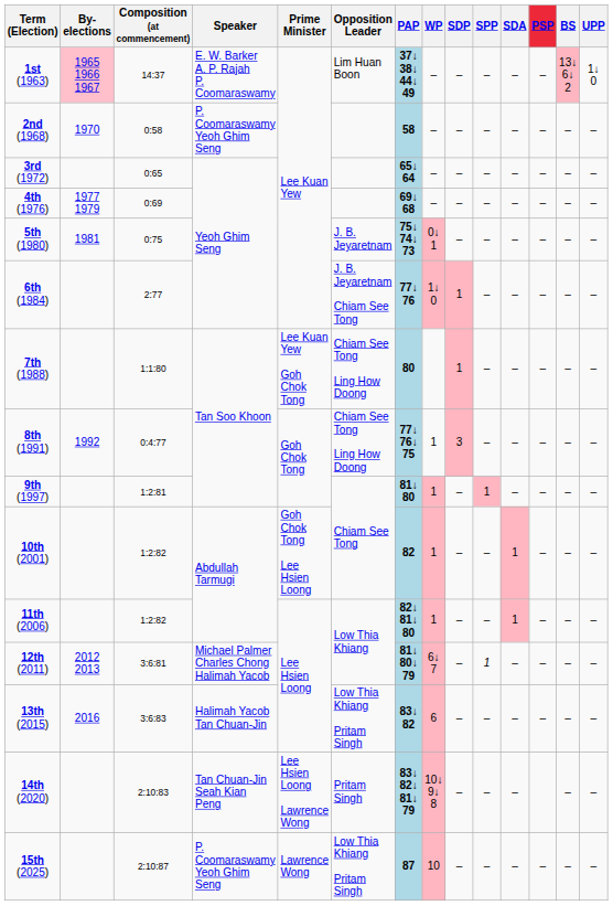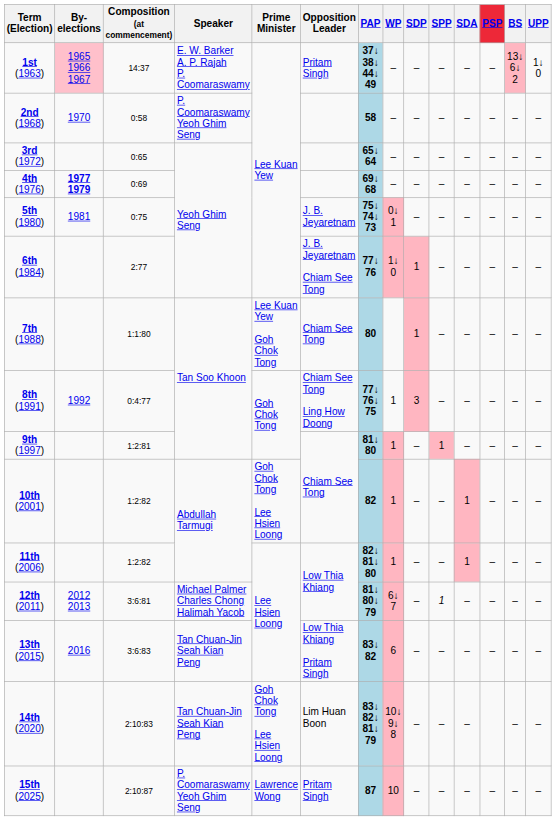 <table class="wikitable" style="font-size:100%; text-align:center">
 <tr align=center>
 <th>Term (Election)</th>
 <th>By-elections</th>
 <th>Composition<br><small>(at commencement)</small></th>
 <th>Speaker</th>
 <th>Prime Minister</th>
 <th>Opposition Leader</th>
 <th style="background:"><a href='#'><span>PAP</span></a></th>
 <th style="background:"><a href='#'><span>WP</span></a></th>
 <th style="background:"><a href='#'><span>SDP</span></a></th>
 <th style="background:"><a href='#'><span>SPP</span></a></th>
 <th style="background:"><a href='#'><span>SDA</span></a></th>
 <th style="background:#ED2838; width:30px;"><a href='#'><span>PSP</span></a></th>
 <th style="background:"><a href='#'><span>BS</span></a></th>
 <th style="background:"><a href='#'><span>UPP</span></a></th>
 </tr>
 <tr>
 <td align=center><strong><a href='#'>1st</a></strong> (<a href='#'>1963</a>)</td>
 <td style="background: pink;"><a href='#'>1965</a><br><a href='#'>1966</a><br><a href='#'>1967</a></td>
 <td><small><span>14</span>:<span>37</span></small><br></td>
 <td align=left><a href='#'>E. W. Barker</a> <br><a href='#'>A. P. Rajah</a> <br><a href='#'>P. Coomaraswamy</a> </td>
 <td rowspan="6" align="left"><a href='#'>Lee Kuan Yew</a><br></td>
-<td align=left>Lim Huan Boon<br><br></td>
+<td align=left><a href='#'>Pritam Singh</a><br></td>
 <td style="background:lightblue;"><strong>37</strong>↓<br><strong>38</strong>↓<br><strong>44</strong>↓<br><strong>49</strong></td>
 <td>–</td>
 <td>–</td>
 <td>–</td>
 <td>–</td>
 <td>–</td>
 <td style="background:lightpink;">13↓<br>6↓<br>2</td>
 <td>1↓<br>0</td>
 </tr>
 <tr>
 <td align=center><strong><a href='#'>2nd</a></strong> (<a href='#'>1968</a>)</td>
 <td><a href='#'>1970</a></td>
 <td><small><span>0</span>:<span>58</span></small><br></td>
 <td align=left><a href='#'>P. Coomaraswamy</a> <br><a href='#'>Yeoh Ghim Seng</a> </td>
 <td></td>
 <td style="background:lightblue;"><strong>58</strong></td>
 <td>–</td>
 <td>–</td>
 <td>–</td>
 <td>–</td>
 <td>–</td>
 <td>–</td>
 <td>–</td>
 </tr>
 <tr>
 <td align=center><strong><a href='#'>3rd</a></strong> (<a href='#'>1972</a>)</td>
 <td></td>
 <td><small><span>0</span>:<span>65</span></small><br></td>
 <td rowspan="4" align="left"><a href='#'>Yeoh Ghim Seng</a></td>
 <td></td>
 <td style="background:lightblue;"><strong>65</strong>↓<br><strong>64</strong></td>
 <td>–</td>
 <td>–</td>
 <td>–</td>
 <td>–</td>
 <td>–</td>
 <td>–</td>
 <td>–</td>
 </tr>
 <tr>
 <td align=center><strong><a href='#'>4th</a></strong> (<a href='#'>1976</a>)</td>
-<td><a href='#'>1977</a><br><a href='#'>1979</a></td>
+<td><strong><a href='#'>1977</a><br><a href='#'>1979</a></strong></td>
 <td><small><span>0</span>:<span>69</span></small><br></td>
 <td></td>
 <td style="background:lightblue;"><strong>69</strong>↓<br><strong>68</strong></td>
 <td>–</td>
 <td>–</td>
 <td>–</td>
 <td>–</td>
 <td>–</td>
 <td>–</td>
 <td>–</td>
 </tr>
 <tr>
 <td align=center><strong><a href='#'>5th</a></strong> (<a href='#'>1980</a>)</td>
 <td><a href='#'>1981</a></td>
 <td><small><span>0</span>:<span>75</span></small><br></td>
 <td align=left><a href='#'>J. B. Jeyaretnam</a><br></td>
 <td style="background:lightblue;"><strong>75</strong>↓<br><strong>74</strong>↓<br><strong>73</strong></td>
 <td style="background:lightpink;">0↓<br>1</td>
 <td>–</td>
 <td>–</td>
 <td>–</td>
 <td>–</td>
 <td>–</td>
 <td>–</td>
 </tr>
 <tr>
 <td align=center><strong><a href='#'>6th</a></strong> (<a href='#'>1984</a>)</td>
 <td></td>
 <td><small><span>2</span>:<span>77</span></small><br></td>
 <td align=left><a href='#'>J. B. Jeyaretnam</a> <br><br><a href='#'>Chiam See Tong</a> <br></td>
 <td style="background:lightblue;"><strong>77</strong>↓<br><strong>76</strong></td>
 <td style="background:lightpink;">1↓<br>0</td>
 <td style="background:lightpink;">1</td>
 <td>–</td>
 <td>–</td>
 <td>–</td>
 <td>–</td>
 <td>–</td>
 </tr>
 <tr>
 <td align=center><strong><a href='#'>7th</a></strong> (<a href='#'>1988</a>)</td>
 <td></td>
 <td><small><span>1</span>:<span>1</span>:<span>80</span></small><br></td>
 <td rowspan="3" align="left"><a href='#'>Tan Soo Khoon</a></td>
 <td align=left><a href='#'>Lee Kuan Yew</a> <br><br><a href='#'>Goh Chok Tong</a> <br></td>
-<td align=left><a href='#'>Chiam See Tong</a> <br><br><a href='#'>Ling How Doong</a> <br></td>
+<td align=left><a href='#'>Chiam See Tong</a><br></td>
 <td style="background:lightblue;"><strong>80</strong></td>
 <td></td>
 <td style="background:lightpink;">1</td>
 <td>–</td>
 <td>–</td>
 <td>–</td>
 <td>–</td>
 <td>–</td>
 </tr>
 <tr>
 <td align=center><strong><a href='#'>8th</a></strong> (<a href='#'>1991</a>)</td>
 <td><a href='#'>1992</a></td>
 <td><small><span>0</span>:<span>4</span>:<span>77</span></small><br></td>
 <td rowspan="2" align="left"><a href='#'>Goh Chok Tong</a><br></td>
 <td align=left><a href='#'>Chiam See Tong</a> <br><br><a href='#'>Ling How Doong</a> <br></td>
 <td style="background:lightblue;"><strong>77</strong>↓<br><strong>76</strong>↓<br><strong>75</strong></td>
 <td>1</td>
 <td style="background:lightpink;">3</td>
 <td>–</td>
 <td>–</td>
 <td>–</td>
 <td>–</td>
 <td>–</td>
 </tr>
 <tr>
 <td align=center><strong><a href='#'>9th</a></strong> (<a href='#'>1997</a>)</td>
 <td></td>
 <td><small><span>1</span>:<span>2</span>:<span>81</span></small><br></td>
 <td rowspan="2" align="left"><a href='#'>Chiam See Tong</a><br></td>
 <td style="background:lightblue;"><strong>81</strong>↓<br><strong>80</strong></td>
 <td style="background:lightpink;">1<br></td>
 <td>–</td>
 <td style="background:lightpink;">1</td>
 <td>–</td>
 <td>–</td>
 <td>–</td>
 <td>–</td>
 </tr>
 <tr>
 <td align=center><strong><a href='#'>10th</a></strong> (<a href='#'>2001</a>)</td>
 <td></td>
 <td><small><span>1</span>:<span>2</span>:<span>82</span></small><br></td>
 <td rowspan="2" align="left"><a href='#'>Abdullah Tarmugi</a></td>
 <td align=left><a href='#'>Goh Chok Tong</a> <br><br><a href='#'>Lee Hsien Loong</a> <br></td>
 <td style="background:lightblue;"><strong>82</strong></td>
 <td style="background:lightpink;">1</td>
 <td>–</td>
 <td>–</td>
 <td style="background:lightpink;">1<br></td>
 <td>–</td>
 <td>–</td>
 <td>–</td>
 </tr>
 <tr>
 <td align=center><strong><a href='#'>11th</a></strong> (<a href='#'>2006</a>)</td>
 <td></td>
 <td><small><span>1</span>:<span>2</span>:<span>82</span></small><br></td>
 <td rowspan="3" align="left"><a href='#'>Lee Hsien Loong</a><br></td>
 <td rowspan="2" align="left"><a href='#'>Low Thia Khiang</a><br></td>
 <td style="background:lightblue;"><strong>82</strong>↓<br><strong>81</strong>↓<br><strong>80</strong></td>
 <td style="background:lightpink;">1<br></td>
 <td>–</td>
 <td>–</td>
 <td style="background:lightpink;">1</td>
 <td>–</td>
 <td>–</td>
 <td>–</td>
 </tr>
 <tr>
 <td align=center><strong><a href='#'>12th</a></strong> (<a href='#'>2011</a>)</td>
 <td><a href='#'>2012</a><br><a href='#'>2013</a></td>
 <td><small><span>3</span>:<span>6</span>:<span>81</span></small><br></td>
 <td align=left><a href='#'>Michael Palmer</a> <br><a href='#'>Charles Chong</a> <br><a href='#'>Halimah Yacob</a> </td>
 <td style="background:lightblue;"><strong>81</strong>↓<br><strong>80</strong>↓<br><strong>79</strong></td>
 <td style="background:lightpink;">6↓<br>7<br></td>
 <td>–</td>
 <td><em>1 </em></td>
 <td>–</td>
 <td>–</td>
 <td>–</td>
 <td>–</td>
 </tr>
 <tr>
 <td align=center><strong><a href='#'>13th</a></strong> (<a href='#'>2015</a>)</td>
 <td><a href='#'>2016</a></td>
 <td><small><span>3</span>:<span>6</span>:<span>83</span></small><br></td>
-<td align=left><a href='#'>Halimah Yacob</a> <br><a href='#'>Tan Chuan-Jin</a> </td>
+<td align=left><a href='#'>Tan Chuan-Jin</a>  <br><a href='#'>Seah Kian Peng</a> </td>
 <td align=left><a href='#'>Low Thia Khiang</a> <br><br><a href='#'>Pritam Singh</a> <br></td>
 <td style="background:lightblue;"><strong>83</strong>↓<br><strong>82</strong></td>
 <td style="background:lightpink;">6<br></td>
 <td>–</td>
 <td>–</td>
 <td>–</td>
 <td>–</td>
 <td>–</td>
 <td>–</td>
 </tr>
 <tr>
 <td align=center><strong><a href='#'>14th</a></strong> (<a href='#'>2020</a>)</td>
 <td></td>
 <td><small><span>2</span>:<span>10</span>:<span>83</span></small><br></td>
 <td align=left><a href='#'>Tan Chuan-Jin</a>  <br><a href='#'>Seah Kian Peng</a> </td>
-<td align="left"><a href='#'>Lee Hsien Loong</a> <br><br><a href='#'>Lawrence Wong</a> <br></td>
-<td align=left><a href='#'>Pritam Singh</a><br></td>
+<td align=left><a href='#'>Goh Chok Tong</a> <br><br><a href='#'>Lee Hsien Loong</a> <br></td>
+<td align=left>Lim Huan Boon<br><br></td>
 <td style="background:lightblue;"><strong>83</strong>↓<br><strong>82</strong>↓<br><strong>81</strong>↓<br><strong>79</strong></td>
 <td style="background:lightpink;">10↓<br>9↓<br>8</td>
 <td>–</td>
 <td>–</td>
 <td>–</td>
 <td></td>
 <td>–</td>
 <td>–</td>
 </tr>
 <tr>
 <td align=center><strong><a href='#'>15th</a></strong> (<a href='#'>2025</a>)</td>
 <td></td>
 <td><small><span>2</span>:<span>10</span>:<span>87</span></small><br></td>
 <td align=left><a href='#'>P. Coomaraswamy</a> <br><a href='#'>Yeoh Ghim Seng</a> </td>
 <td align="left"><a href='#'>Lawrence Wong</a><br></td>
-<td align=left><a href='#'>Low Thia Khiang</a> <br><br><a href='#'>Pritam Singh</a> <br></td>
+<td align=left><a href='#'>Pritam Singh</a><br></td>
 <td style="background:lightblue;"><strong>87</strong></td>
 <td style="background:lightpink;">10 <br> </td>
 <td>–</td>
 <td>–</td>
 <td>–</td>
 <td>–</td>
 <td>–</td>
 <td>–</td>
 </tr>
 </table>
